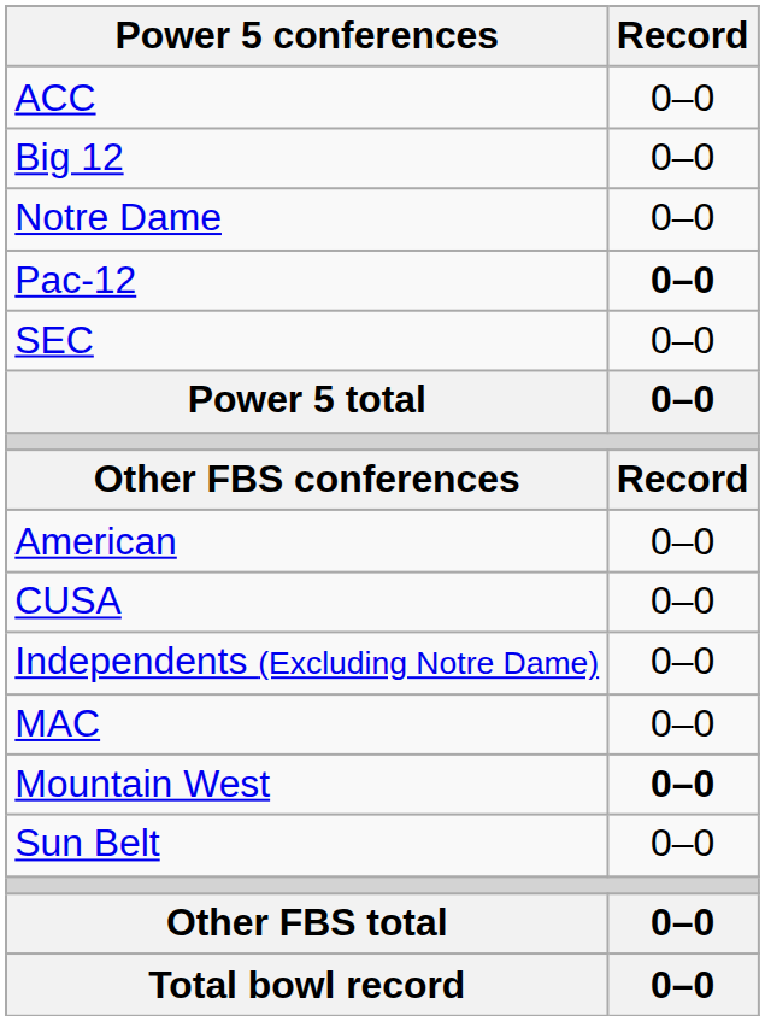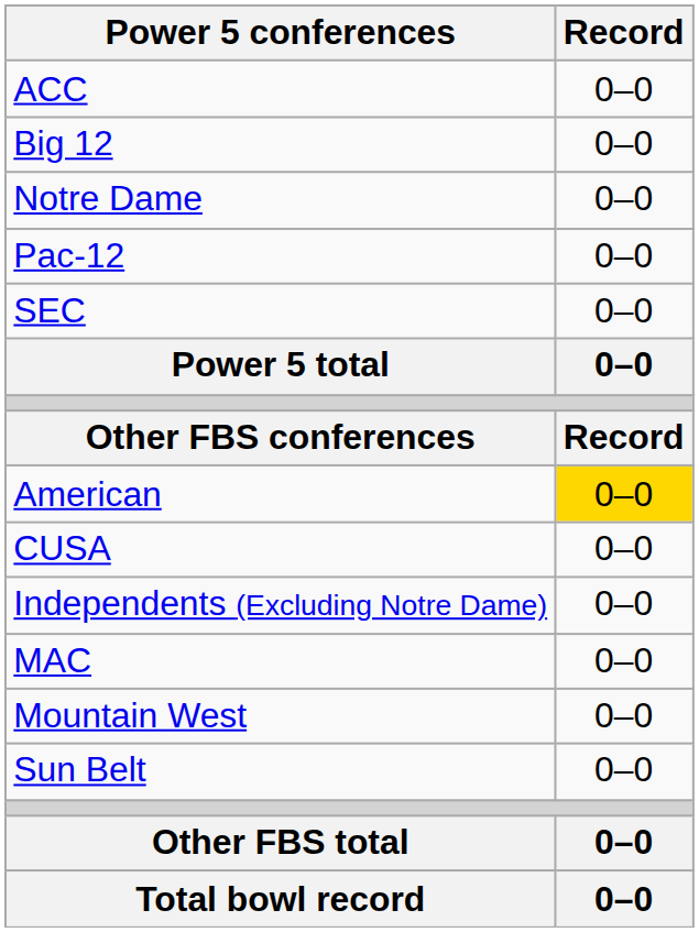 <table class="wikitable">
 <tr>
 <th>Power 5 conferences</th>
 <th>Record</th>
 </tr>
 <tr>
 <td><a href='#'>ACC</a></td>
 <td align=center>0–0</td>
 </tr>
 <tr>
 <td><a href='#'>Big 12</a></td>
 <td align=center>0–0</td>
 </tr>
 <tr>
 <td><a href='#'>Notre Dame</a></td>
 <td align=center>0–0</td>
 </tr>
 <tr>
 <td><a href='#'>Pac-12</a></td>
-<td align=center><strong>0–0</strong></td>
+<td align=center>0–0</td>
 </tr>
 <tr>
 <td><a href='#'>SEC</a></td>
 <td align=center>0–0</td>
 </tr>
 <tr>
 <th>Power 5 total</th>
 <th>0–0</th>
 </tr>
 <tr>
 <th colspan="2" style="background:lightgrey;"></th>
 </tr>
 <tr>
 <th>Other FBS conferences</th>
 <th>Record</th>
 </tr>
 <tr>
 <td><a href='#'>American</a></td>
-<td align=center>0–0</td>
+<td align=center style="background: gold;">0–0</td>
 </tr>
 <tr>
 <td><a href='#'>CUSA</a></td>
 <td align=center>0–0</td>
 </tr>
 <tr>
 <td><a href='#'>Independents <small>(Excluding Notre Dame)</small></a></td>
 <td align=center>0–0</td>
 </tr>
 <tr>
 <td><a href='#'>MAC</a></td>
 <td align=center>0–0</td>
 </tr>
 <tr>
 <td><a href='#'>Mountain West</a></td>
-<td align=center><strong>0–0</strong></td>
+<td align=center>0–0</td>
 </tr>
 <tr>
 <td><a href='#'>Sun Belt</a></td>
 <td align=center>0–0</td>
 </tr>
 <tr>
 <th colspan="2" style="background:lightgrey;"></th>
 </tr>
 <tr>
 <th>Other FBS total</th>
 <th>0–0</th>
 </tr>
 <tr>
 <th>Total bowl record</th>
 <th>0–0</th>
 </tr>
 </table>
